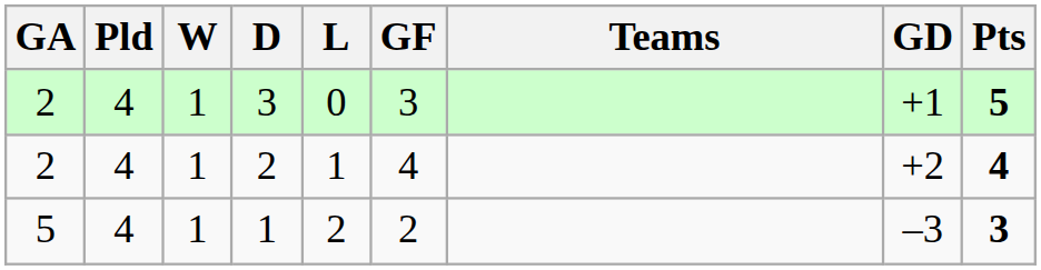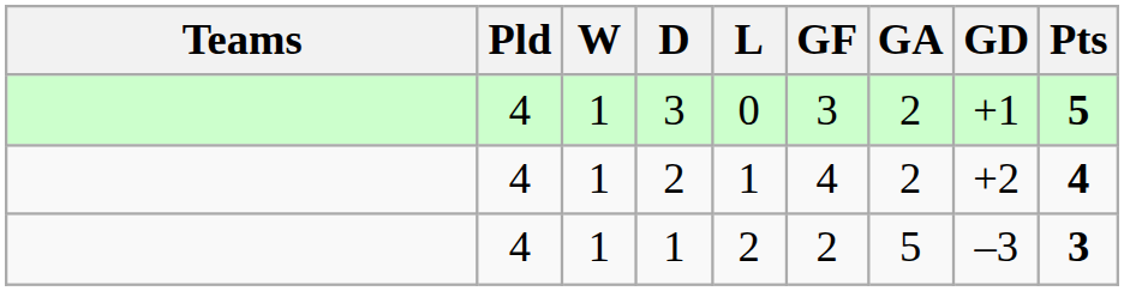 <table class="wikitable" style="text-align: center;">
 <tr>
-<th width=20>GA</th>
+<th width=165>Teams</th>
 <th width=20>Pld</th>
 <th width=20>W</th>
 <th width=20>D</th>
 <th width=20>L</th>
 <th width=20>GF</th>
-<th width=165>Teams</th>
+<th width=20>GA</th>
 <th width=20>GD</th>
 <th width=20>Pts</th>
 </tr>
 <tr align=center style="background:#ccffcc;">
-<td>2</td>
+<td style="text-align:left;"></td>
 <td>4</td>
 <td>1</td>
 <td>3</td>
 <td>0</td>
 <td>3</td>
-<td style="text-align:left;"></td>
+<td>2</td>
 <td>+1</td>
 <td><strong>5</strong></td>
 </tr>
 <tr align=center>
-<td>2</td>
+<td style="text-align:left;"></td>
 <td>4</td>
 <td>1</td>
 <td>2</td>
 <td>1</td>
 <td>4</td>
-<td style="text-align:left;"></td>
+<td>2</td>
 <td>+2</td>
 <td><strong>4</strong></td>
 </tr>
 <tr align=center>
-<td>5</td>
+<td style="text-align:left;"></td>
 <td>4</td>
 <td>1</td>
 <td>1</td>
 <td>2</td>
 <td>2</td>
-<td style="text-align:left;"></td>
+<td>5</td>
 <td>–3</td>
 <td><strong>3</strong></td>
 </tr>
 </table>
